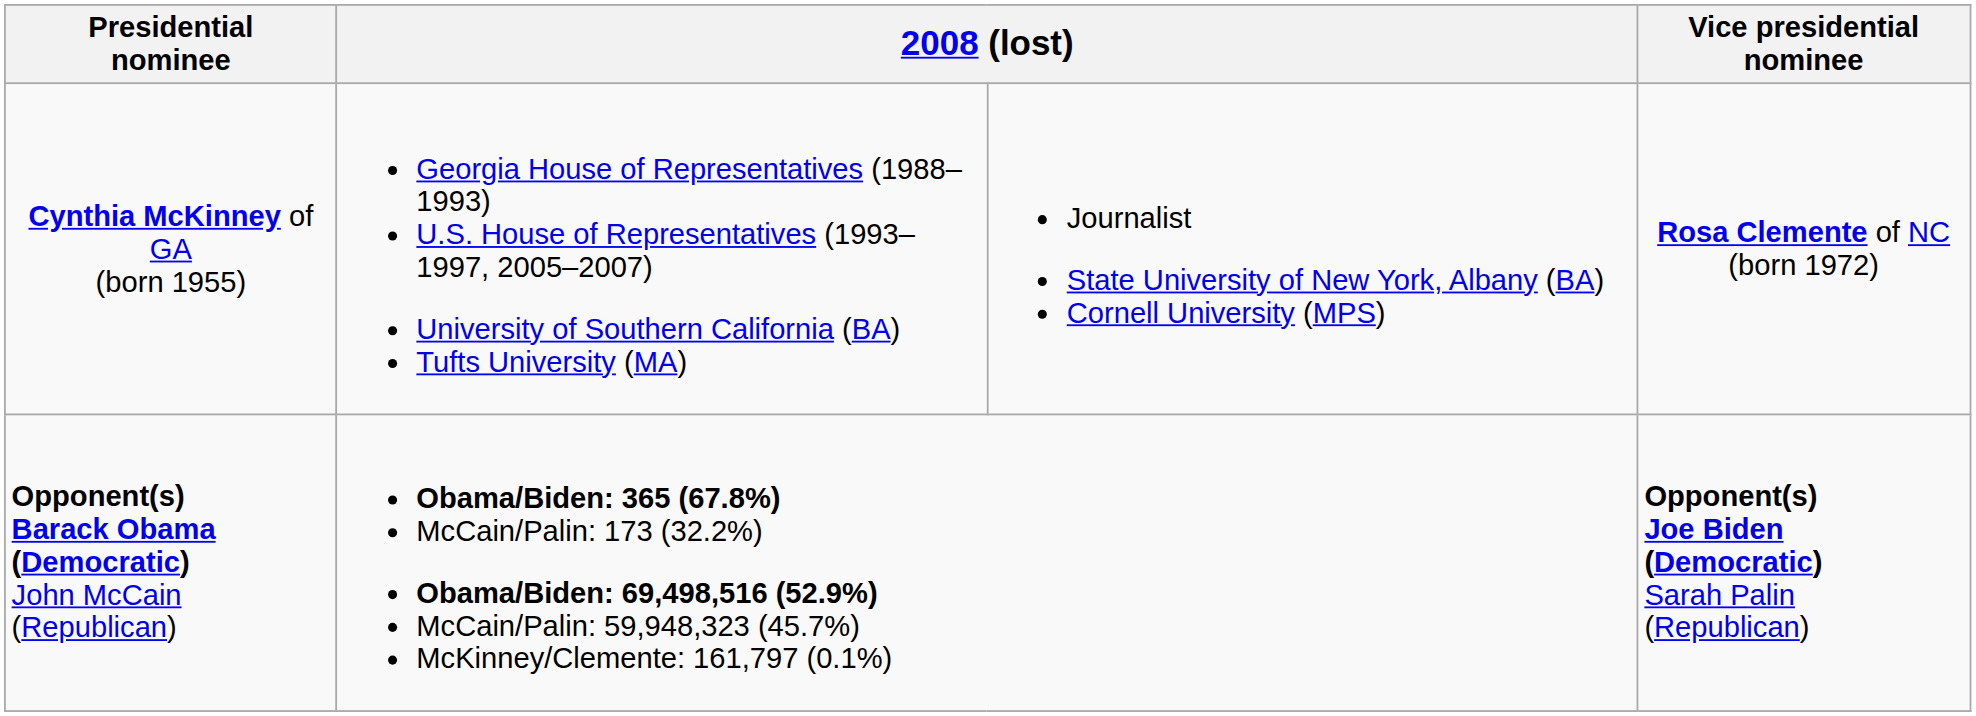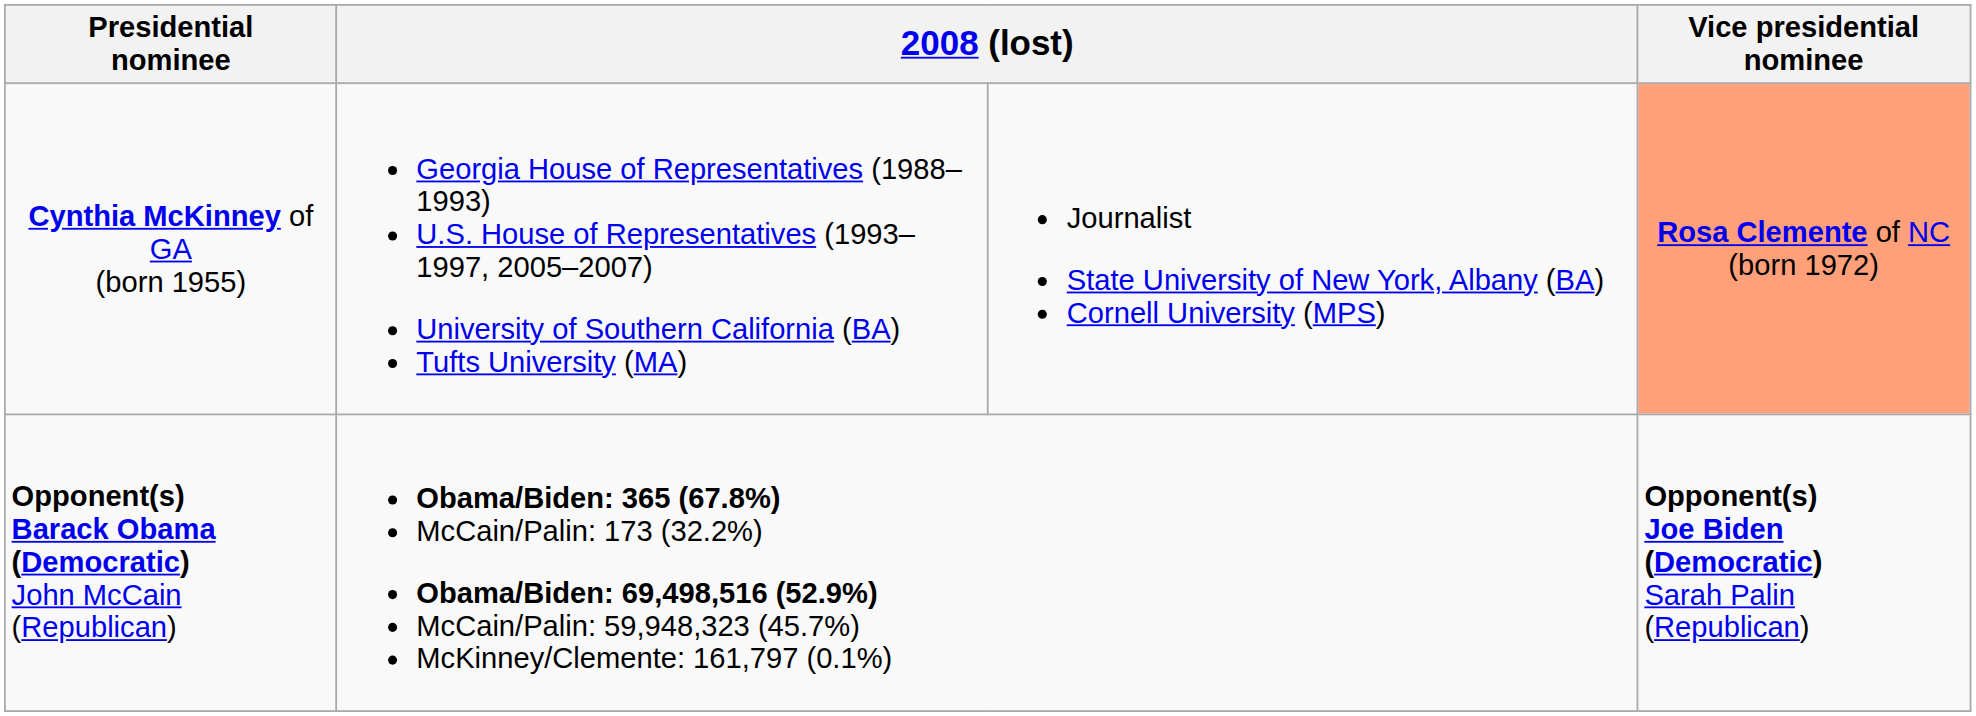 <table class="wikitable">
 <tr>
 <th width=175>Presidential<br>nominee</th>
 <th colspan=2><big><a href='#'>2008</a> (lost)</big></th>
 <th width=175>Vice presidential<br>nominee</th>
 </tr>
 <tr>
 <td style="text-align:center;"><strong><a href='#'>Cynthia McKinney</a></strong> of <a href='#'>GA</a><br>(born 1955)<br></td>
 <td width=350><br><ul><li><a href='#'>Georgia House of Representatives</a> (1988–1993)</li><li><a href='#'>U.S. House of Representatives</a> (1993–1997, 2005–2007)</li></ul><ul><li><a href='#'>University of Southern California</a> (<a href='#'>BA</a>)</li><li><a href='#'>Tufts University</a> (<a href='#'>MA</a>)</li></ul></td>
 <td width=350><br><ul><li>Journalist</li></ul><ul><li><a href='#'>State University of New York, Albany</a> (<a href='#'>BA</a>)</li><li><a href='#'>Cornell University</a> (<a href='#'>MPS</a>)</li></ul></td>
-<td style="text-align:center;"><strong><a href='#'>Rosa Clemente</a></strong> of <a href='#'>NC</a><br>(born 1972)<br></td>
+<td style="background: lightsalmon; text-align:center;"><strong><a href='#'>Rosa Clemente</a></strong> of <a href='#'>NC</a><br>(born 1972)<br></td>
 </tr>
 <tr>
 <td><strong>Opponent(s)</strong><br><strong><a href='#'>Barack Obama</a> (<a href='#'>Democratic</a>)</strong><br><a href='#'>John McCain</a> (<a href='#'>Republican</a>)</td>
 <td colspan=2><br><ul><li><strong>Obama/Biden: 365 (67.8%)</strong></li><li>McCain/Palin: 173 (32.2%)</li></ul><ul><li><strong>Obama/Biden: 69,498,516 (52.9%)</strong></li><li>McCain/Palin: 59,948,323 (45.7%)</li><li>McKinney/Clemente: 161,797 (0.1%)</li></ul></td>
 <td><strong>Opponent(s)</strong><br><strong><a href='#'>Joe Biden</a> (<a href='#'>Democratic</a>)</strong><br><a href='#'>Sarah Palin</a> (<a href='#'>Republican</a>)</td>
 </tr>
 </table>
